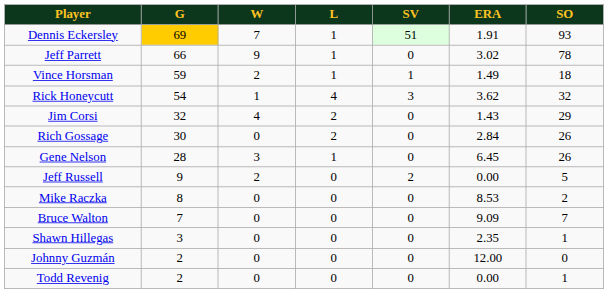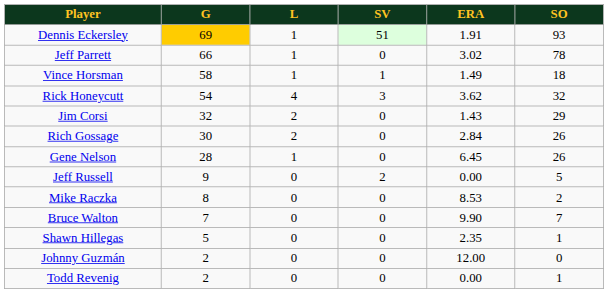 <table class="wikitable sortable">
 <tr>
 <th style="background:#0C371D;color:#ffc322;" width="16%">Player</th>
 <th style="background:#0C371D;color:#ffc322;" width="9%">G</th>
-<th style="background:#0C371D;color:#ffc322;" width="9%">W</th>
 <th style="background:#0C371D;color:#ffc322;" width="9%">L</th>
 <th style="background:#0C371D;color:#ffc322;" width="9%">SV</th>
 <th style="background:#0C371D;color:#ffc322;" width="9%">ERA</th>
 <th style="background:#0C371D;color:#ffc322;" width="9%">SO</th>
 </tr>
 <tr align="center">
 <td><a href='#'>Dennis Eckersley</a></td>
 <td bgcolor="FFCC00">69</td>
-<td>7</td>
 <td>1</td>
 <td style="background:#DDFFDD;">51</td>
 <td>1.91</td>
 <td>93</td>
 </tr>
 <tr align="center">
 <td><a href='#'>Jeff Parrett</a></td>
 <td>66</td>
-<td>9</td>
 <td>1</td>
 <td>0</td>
 <td>3.02</td>
 <td>78</td>
 </tr>
 <tr align="center">
 <td><a href='#'>Vince Horsman</a></td>
-<td>59</td>
-<td>2</td>
+<td>58</td>
 <td>1</td>
 <td>1</td>
 <td>1.49</td>
 <td>18</td>
 </tr>
 <tr align="center">
 <td><a href='#'>Rick Honeycutt</a></td>
 <td>54</td>
-<td>1</td>
 <td>4</td>
 <td>3</td>
 <td>3.62</td>
 <td>32</td>
 </tr>
 <tr align="center">
 <td><a href='#'>Jim Corsi</a></td>
 <td>32</td>
-<td>4</td>
 <td>2</td>
 <td>0</td>
 <td>1.43</td>
 <td>29</td>
 </tr>
 <tr align=center>
 <td><a href='#'>Rich Gossage</a></td>
 <td>30</td>
-<td>0</td>
 <td>2</td>
 <td>0</td>
 <td>2.84</td>
 <td>26</td>
 </tr>
 <tr align=center>
 <td><a href='#'>Gene Nelson</a></td>
 <td>28</td>
-<td>3</td>
 <td>1</td>
 <td>0</td>
 <td>6.45</td>
 <td>26</td>
 </tr>
 <tr align=center>
 <td><a href='#'>Jeff Russell</a></td>
 <td>9</td>
-<td>2</td>
 <td>0</td>
 <td>2</td>
 <td>0.00</td>
 <td>5</td>
 </tr>
 <tr align=center>
 <td><a href='#'>Mike Raczka</a></td>
 <td>8</td>
 <td>0</td>
 <td>0</td>
-<td>0</td>
 <td>8.53</td>
 <td>2</td>
 </tr>
 <tr align=center>
 <td><a href='#'>Bruce Walton</a></td>
 <td>7</td>
 <td>0</td>
 <td>0</td>
-<td>0</td>
-<td>9.09</td>
+<td>9.90</td>
 <td>7</td>
 </tr>
 <tr align=center>
 <td><a href='#'>Shawn Hillegas</a></td>
-<td>3</td>
-<td>0</td>
+<td>5</td>
 <td>0</td>
 <td>0</td>
 <td>2.35</td>
 <td>1</td>
 </tr>
 <tr align=center>
 <td><a href='#'>Johnny Guzmán</a></td>
 <td>2</td>
 <td>0</td>
 <td>0</td>
-<td>0</td>
 <td>12.00</td>
 <td>0</td>
 </tr>
 <tr align=center>
 <td><a href='#'>Todd Revenig</a></td>
 <td>2</td>
 <td>0</td>
 <td>0</td>
-<td>0</td>
 <td>0.00</td>
 <td>1</td>
 </tr>
 </table>
